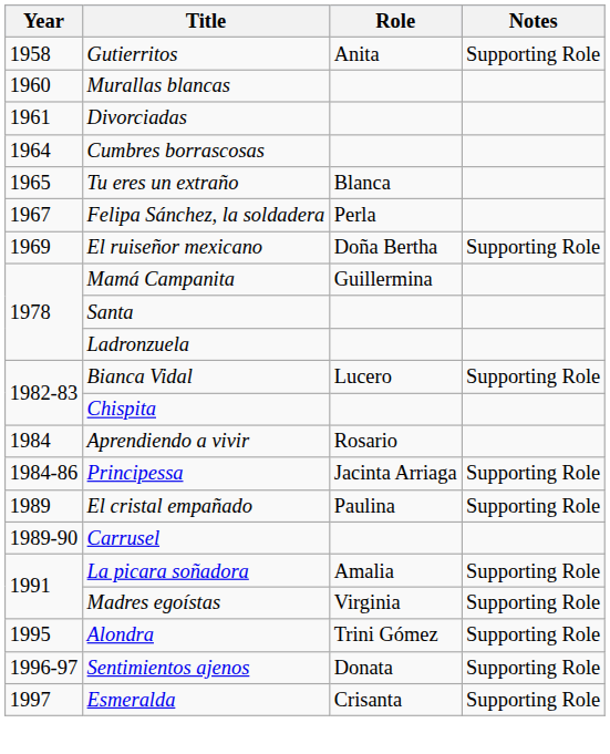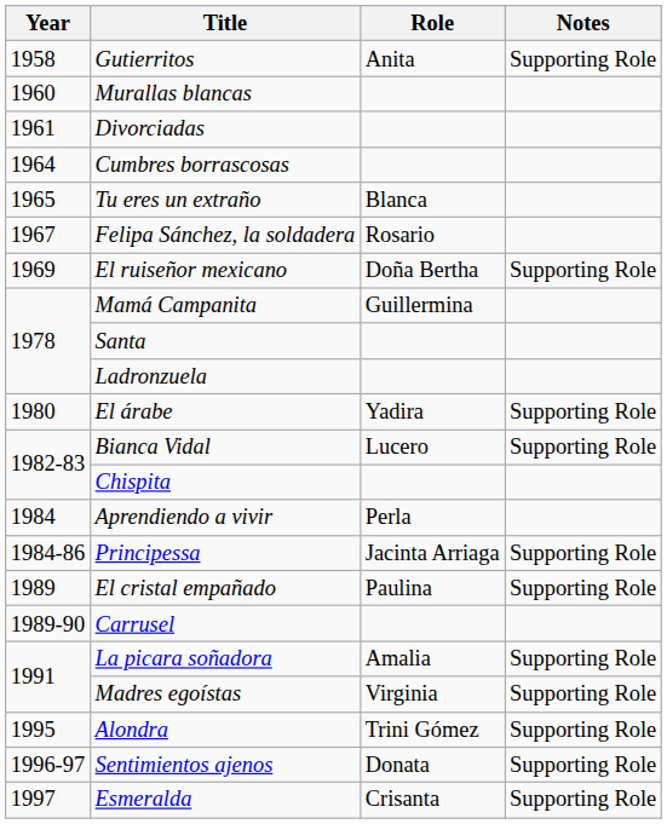 <table class="wikitable">
 <tr style="background:#b0c4de;">
 <th>Year</th>
 <th>Title</th>
 <th>Role</th>
 <th>Notes</th>
 </tr>
 <tr>
 <td>1958</td>
 <td><em>Gutierritos</em></td>
 <td>Anita</td>
 <td>Supporting Role</td>
 </tr>
 <tr>
 <td>1960</td>
 <td><em>Murallas blancas</em></td>
 <td></td>
 <td></td>
 </tr>
 <tr>
 <td>1961</td>
 <td><em>Divorciadas</em></td>
 <td></td>
 <td></td>
 </tr>
 <tr>
 <td>1964</td>
 <td><em>Cumbres borrascosas</em></td>
 <td></td>
 <td></td>
 </tr>
 <tr>
 <td>1965</td>
 <td><em>Tu eres un extraño</em></td>
 <td>Blanca</td>
 <td></td>
 </tr>
 <tr>
 <td>1967</td>
 <td><em>Felipa Sánchez, la soldadera</em></td>
-<td>Perla</td>
+<td>Rosario</td>
 <td></td>
 </tr>
 <tr>
 <td>1969</td>
 <td><em>El ruiseñor mexicano</em></td>
 <td>Doña Bertha</td>
 <td>Supporting Role</td>
 </tr>
 <tr>
 <td rowspan=3>1978</td>
 <td><em>Mamá Campanita</em></td>
 <td>Guillermina</td>
 <td></td>
 </tr>
 <tr>
 <td><em>Santa</em></td>
 <td></td>
 <td></td>
 </tr>
 <tr>
 <td><em>Ladronzuela</em></td>
 <td></td>
 <td></td>
 </tr>
 <tr>
+<td>1980</td>
+<td><em>El árabe</em></td>
+<td>Yadira</td>
+<td>Supporting Role</td>
+</tr>
+<tr>
 <td rowspan=2>1982-83</td>
 <td><em>Bianca Vidal</em></td>
 <td>Lucero</td>
 <td>Supporting Role</td>
 </tr>
 <tr>
 <td><em><a href='#'>Chispita</a></em></td>
 <td></td>
 <td></td>
 </tr>
 <tr>
 <td>1984</td>
 <td><em>Aprendiendo a vivir</em></td>
-<td>Rosario</td>
+<td>Perla</td>
 <td></td>
 </tr>
 <tr>
 <td>1984-86</td>
 <td><em><a href='#'>Principessa</a></em></td>
 <td>Jacinta Arriaga</td>
 <td>Supporting Role</td>
 </tr>
 <tr>
 <td>1989</td>
 <td><em>El cristal empañado</em></td>
 <td>Paulina</td>
 <td>Supporting Role</td>
 </tr>
 <tr>
 <td>1989-90</td>
 <td><em><a href='#'>Carrusel</a></em></td>
 <td></td>
 <td></td>
 </tr>
 <tr>
 <td rowspan=2>1991</td>
 <td><em><a href='#'>La picara soñadora</a></em></td>
 <td>Amalia</td>
 <td>Supporting Role</td>
 </tr>
 <tr>
 <td><em>Madres egoístas</em></td>
 <td>Virginia</td>
 <td>Supporting Role</td>
 </tr>
 <tr>
 <td>1995</td>
 <td><em><a href='#'>Alondra</a></em></td>
 <td>Trini Gómez</td>
 <td>Supporting Role</td>
 </tr>
 <tr>
 <td>1996-97</td>
 <td><em><a href='#'>Sentimientos ajenos</a></em></td>
 <td>Donata</td>
 <td>Supporting Role</td>
 </tr>
 <tr>
 <td>1997</td>
 <td><em><a href='#'>Esmeralda</a></em></td>
 <td>Crisanta</td>
 <td>Supporting Role</td>
 </tr>
 </table>
